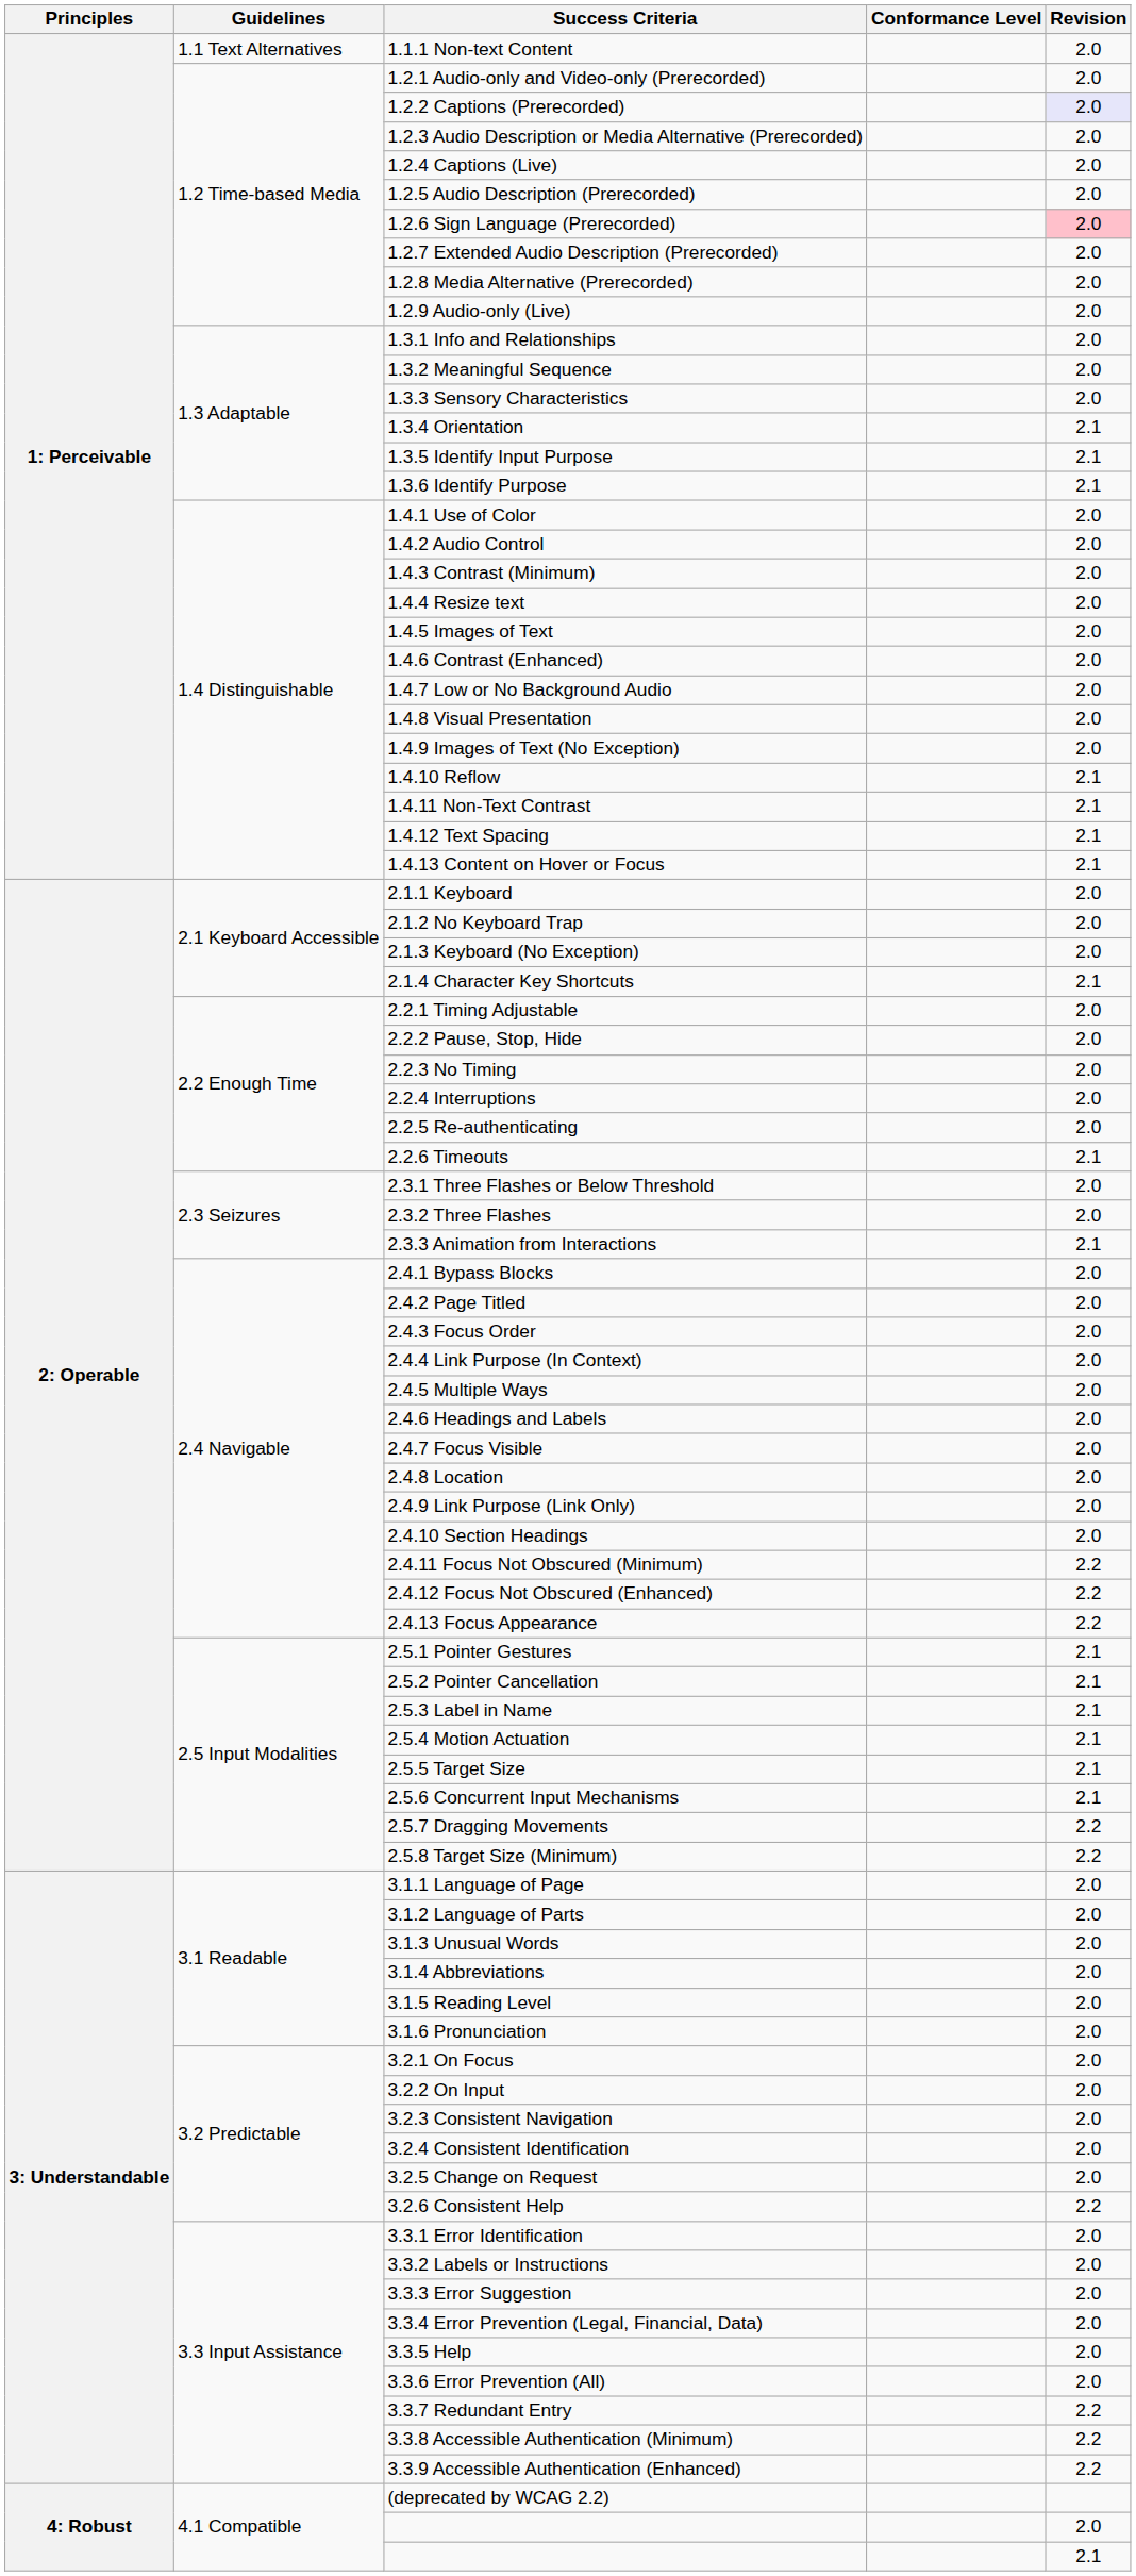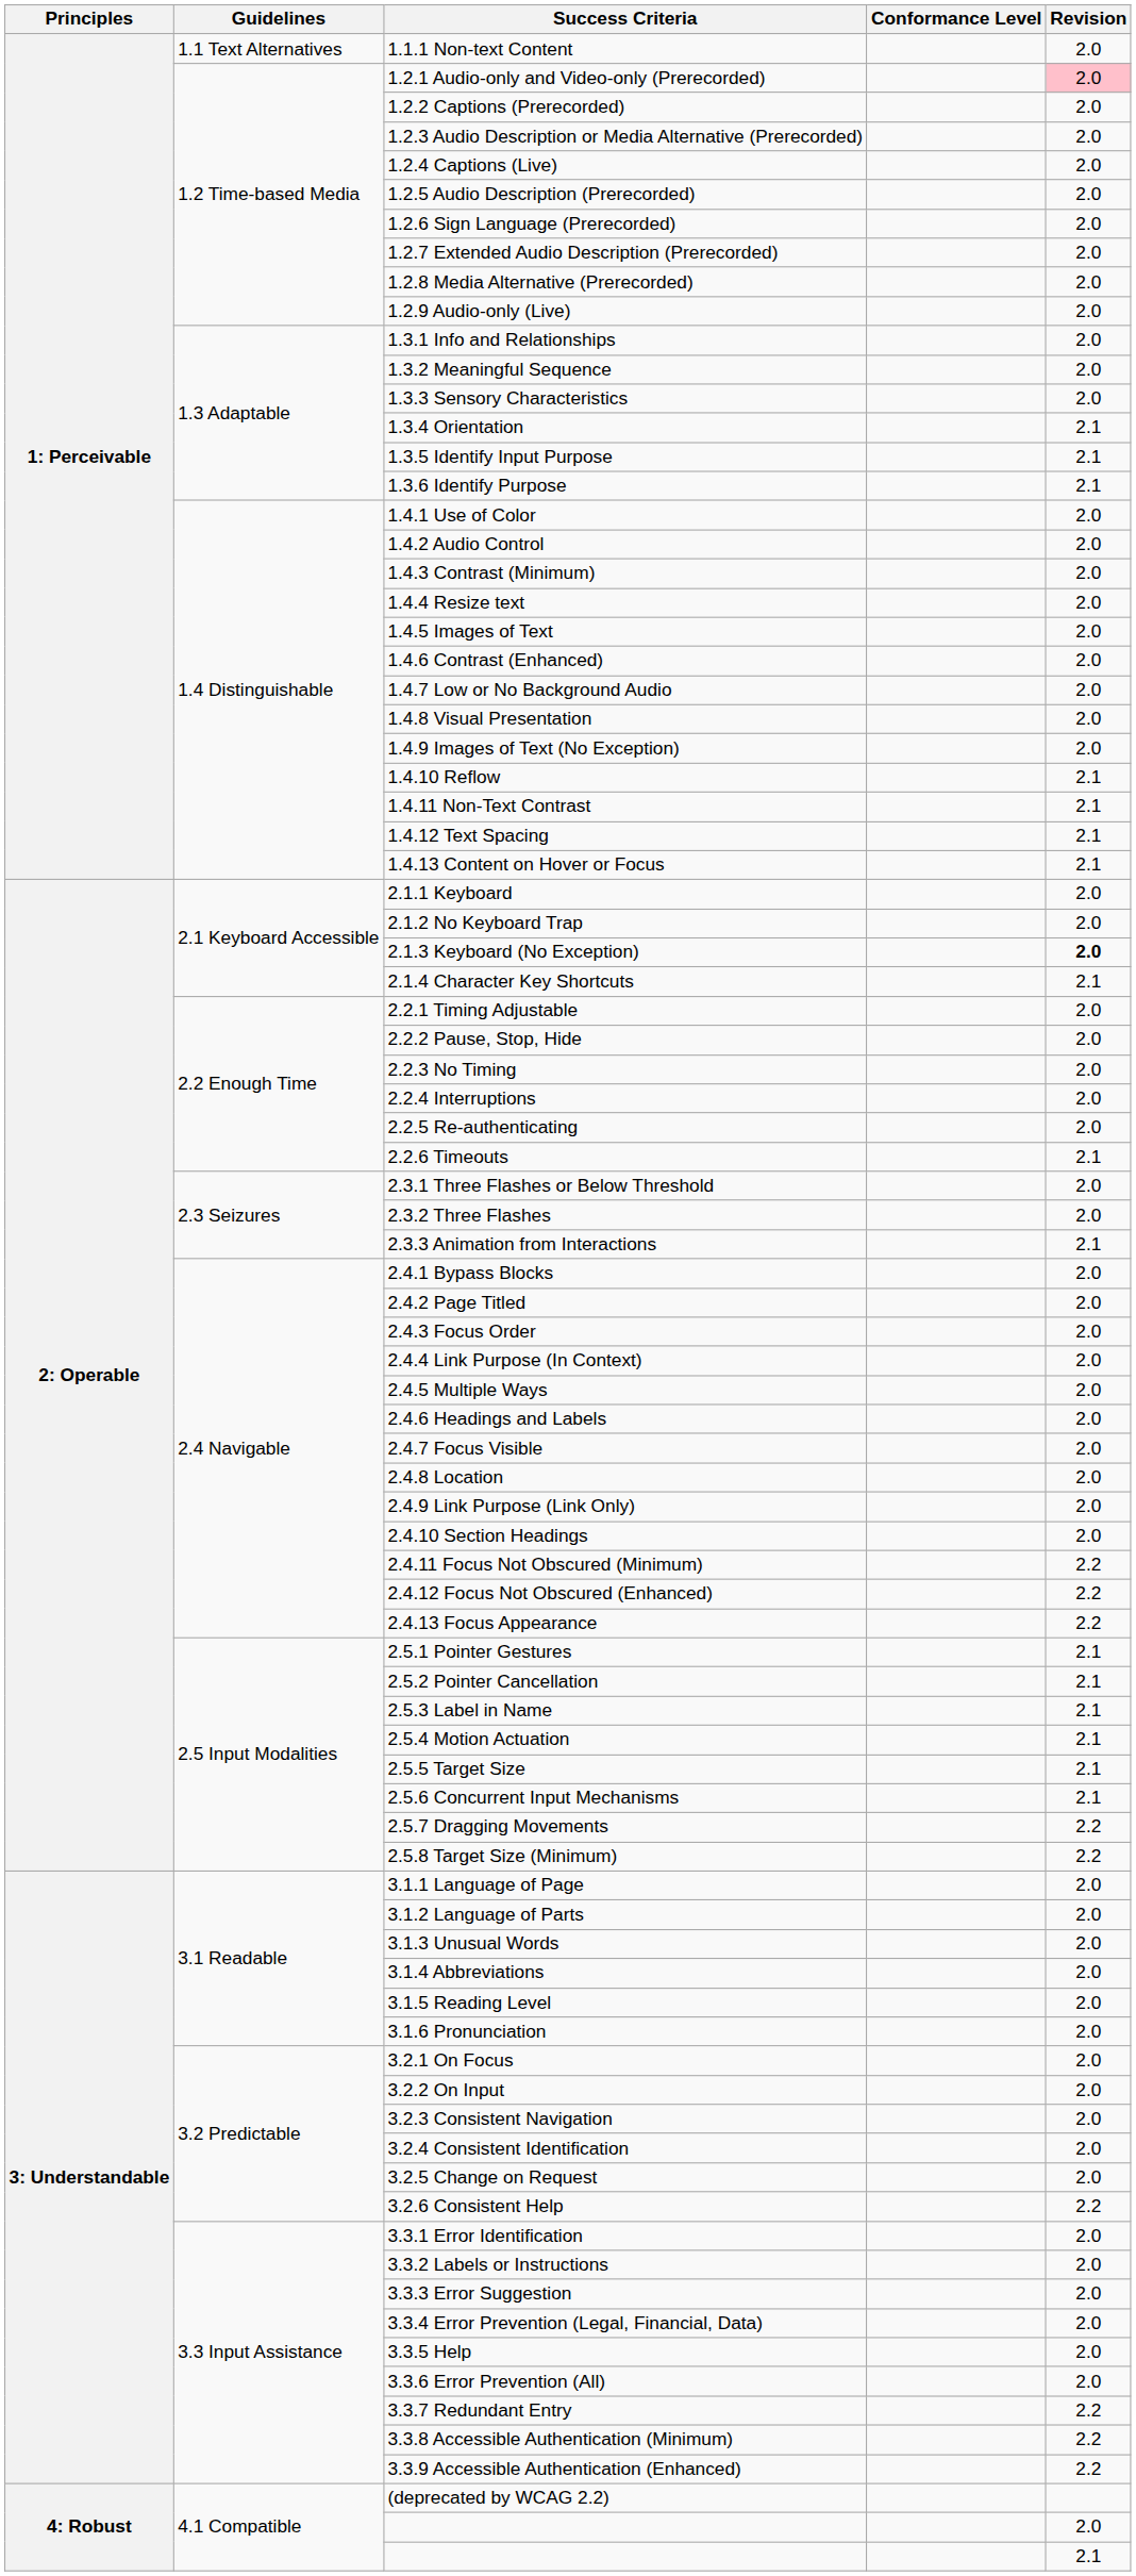 <table class="wikitable sortable mw-collapsible plainlinks">
 <tr>
 <th scope="col">Principles</th>
 <th scope="col">Guidelines</th>
 <th scope="col">Success Criteria</th>
 <th scope="col">Conformance Level</th>
 <th scope="col">Revision</th>
 </tr>
 <tr>
 <th rowspan="29" scope="row">1: Perceivable</th>
 <td>1.1 Text Alternatives</td>
 <td>1.1.1 Non-text Content</td>
 <td></td>
 <td style="text-align: center;">2.0</td>
 </tr>
 <tr>
 <td rowspan="9">1.2 Time-based Media</td>
 <td>1.2.1 Audio-only and Video-only (Prerecorded)</td>
 <td></td>
-<td style="text-align: center;">2.0</td>
+<td style="background: pink; text-align: center;">2.0</td>
 </tr>
 <tr>
 <td>1.2.2 Captions (Prerecorded)</td>
 <td></td>
-<td style="background: lavender; text-align: center;">2.0</td>
+<td style="text-align: center;">2.0</td>
 </tr>
 <tr>
 <td>1.2.3 Audio Description or Media Alternative (Prerecorded)</td>
 <td></td>
 <td style="text-align: center;">2.0</td>
 </tr>
 <tr>
 <td>1.2.4 Captions (Live)</td>
 <td></td>
 <td style="text-align: center;">2.0</td>
 </tr>
 <tr>
 <td>1.2.5 Audio Description (Prerecorded)</td>
 <td></td>
 <td style="text-align: center;">2.0</td>
 </tr>
 <tr>
 <td>1.2.6 Sign Language (Prerecorded)</td>
 <td></td>
-<td style="background: pink; text-align: center;">2.0</td>
+<td style="text-align: center;">2.0</td>
 </tr>
 <tr>
 <td>1.2.7 Extended Audio Description (Prerecorded)</td>
 <td></td>
 <td style="text-align: center;">2.0</td>
 </tr>
 <tr>
 <td>1.2.8 Media Alternative (Prerecorded)</td>
 <td></td>
 <td style="text-align: center;">2.0</td>
 </tr>
 <tr>
 <td>1.2.9 Audio-only (Live)</td>
 <td></td>
 <td style="text-align: center;">2.0</td>
 </tr>
 <tr>
 <td rowspan="6">1.3 Adaptable</td>
 <td>1.3.1 Info and Relationships</td>
 <td></td>
 <td style="text-align: center;">2.0</td>
 </tr>
 <tr>
 <td>1.3.2 Meaningful Sequence</td>
 <td></td>
 <td style="text-align: center;">2.0</td>
 </tr>
 <tr>
 <td>1.3.3 Sensory Characteristics</td>
 <td></td>
 <td style="text-align: center;">2.0</td>
 </tr>
 <tr>
 <td>1.3.4 Orientation</td>
 <td></td>
 <td style="text-align: center;">2.1</td>
 </tr>
 <tr>
 <td>1.3.5 Identify Input Purpose</td>
 <td></td>
 <td style="text-align: center;">2.1</td>
 </tr>
 <tr>
 <td>1.3.6 Identify Purpose</td>
 <td></td>
 <td style="text-align: center;">2.1</td>
 </tr>
 <tr>
 <td rowspan="13">1.4 Distinguishable</td>
 <td>1.4.1 Use of Color</td>
 <td></td>
 <td style="text-align: center;">2.0</td>
 </tr>
 <tr>
 <td>1.4.2 Audio Control</td>
 <td></td>
 <td style="text-align: center;">2.0</td>
 </tr>
 <tr>
 <td>1.4.3 Contrast (Minimum)</td>
 <td></td>
 <td style="text-align: center;">2.0</td>
 </tr>
 <tr>
 <td>1.4.4 Resize text</td>
 <td></td>
 <td style="text-align: center;">2.0</td>
 </tr>
 <tr>
 <td>1.4.5 Images of Text</td>
 <td></td>
 <td style="text-align: center;">2.0</td>
 </tr>
 <tr>
 <td>1.4.6 Contrast (Enhanced)</td>
 <td></td>
 <td style="text-align: center;">2.0</td>
 </tr>
 <tr>
 <td>1.4.7 Low or No Background Audio</td>
 <td></td>
 <td style="text-align: center;">2.0</td>
 </tr>
 <tr>
 <td>1.4.8 Visual Presentation</td>
 <td></td>
 <td style="text-align: center;">2.0</td>
 </tr>
 <tr>
 <td>1.4.9 Images of Text (No Exception)</td>
 <td></td>
 <td style="text-align: center;">2.0</td>
 </tr>
 <tr>
 <td>1.4.10 Reflow</td>
 <td></td>
 <td style="text-align: center;">2.1</td>
 </tr>
 <tr>
 <td>1.4.11 Non-Text Contrast</td>
 <td></td>
 <td style="text-align: center;">2.1</td>
 </tr>
 <tr>
 <td>1.4.12 Text Spacing</td>
 <td></td>
 <td style="text-align: center;">2.1</td>
 </tr>
 <tr>
 <td>1.4.13 Content on Hover or Focus</td>
 <td></td>
 <td style="text-align: center;">2.1</td>
 </tr>
 <tr>
 <th rowspan="34" scope="row">2: Operable</th>
 <td rowspan="4">2.1 Keyboard Accessible</td>
 <td>2.1.1 Keyboard</td>
 <td></td>
 <td style="text-align: center;">2.0</td>
 </tr>
 <tr>
 <td>2.1.2 No Keyboard Trap</td>
 <td></td>
 <td style="text-align: center;">2.0</td>
 </tr>
 <tr>
 <td>2.1.3 Keyboard (No Exception)</td>
 <td></td>
-<td style="text-align: center;">2.0</td>
+<td style="text-align: center;"><strong>2.0</strong></td>
 </tr>
 <tr>
 <td>2.1.4 Character Key Shortcuts</td>
 <td></td>
 <td style="text-align: center;">2.1</td>
 </tr>
 <tr>
 <td rowspan="6">2.2 Enough Time</td>
 <td>2.2.1 Timing Adjustable</td>
 <td></td>
 <td style="text-align: center;">2.0</td>
 </tr>
 <tr>
 <td>2.2.2 Pause, Stop, Hide</td>
 <td></td>
 <td style="text-align: center;">2.0</td>
 </tr>
 <tr>
 <td>2.2.3 No Timing</td>
 <td></td>
 <td style="text-align: center;">2.0</td>
 </tr>
 <tr>
 <td>2.2.4 Interruptions</td>
 <td></td>
 <td style="text-align: center;">2.0</td>
 </tr>
 <tr>
 <td>2.2.5 Re-authenticating</td>
 <td></td>
 <td style="text-align: center;">2.0</td>
 </tr>
 <tr>
 <td>2.2.6 Timeouts</td>
 <td></td>
 <td style="text-align: center;">2.1</td>
 </tr>
 <tr>
 <td rowspan="3">2.3 Seizures</td>
 <td>2.3.1 Three Flashes or Below Threshold</td>
 <td></td>
 <td style="text-align: center;">2.0</td>
 </tr>
 <tr>
 <td>2.3.2 Three Flashes</td>
 <td></td>
 <td style="text-align: center;">2.0</td>
 </tr>
 <tr>
 <td>2.3.3 Animation from Interactions</td>
 <td></td>
 <td style="text-align: center;">2.1</td>
 </tr>
 <tr>
 <td rowspan="13">2.4 Navigable</td>
 <td>2.4.1 Bypass Blocks</td>
 <td></td>
 <td style="text-align: center;">2.0</td>
 </tr>
 <tr>
 <td>2.4.2 Page Titled</td>
 <td></td>
 <td style="text-align: center;">2.0</td>
 </tr>
 <tr>
 <td>2.4.3 Focus Order</td>
 <td></td>
 <td style="text-align: center;">2.0</td>
 </tr>
 <tr>
 <td>2.4.4 Link Purpose (In Context)</td>
 <td></td>
 <td style="text-align: center;">2.0</td>
 </tr>
 <tr>
 <td>2.4.5 Multiple Ways</td>
 <td></td>
 <td style="text-align: center;">2.0</td>
 </tr>
 <tr>
 <td>2.4.6 Headings and Labels</td>
 <td></td>
 <td style="text-align: center;">2.0</td>
 </tr>
 <tr>
 <td>2.4.7 Focus Visible</td>
 <td></td>
 <td style="text-align: center;">2.0</td>
 </tr>
 <tr>
 <td>2.4.8 Location</td>
 <td></td>
 <td style="text-align: center;">2.0</td>
 </tr>
 <tr>
 <td>2.4.9 Link Purpose (Link Only)</td>
 <td></td>
 <td style="text-align: center;">2.0</td>
 </tr>
 <tr>
 <td>2.4.10 Section Headings</td>
 <td></td>
 <td style="text-align: center;">2.0</td>
 </tr>
 <tr>
 <td>2.4.11 Focus Not Obscured (Minimum)</td>
 <td></td>
 <td style="text-align: center;">2.2</td>
 </tr>
 <tr>
 <td>2.4.12 Focus Not Obscured (Enhanced)</td>
 <td></td>
 <td style="text-align: center;">2.2</td>
 </tr>
 <tr>
 <td>2.4.13 Focus Appearance</td>
 <td></td>
 <td style="text-align: center;">2.2</td>
 </tr>
 <tr>
 <td rowspan="8">2.5 Input Modalities</td>
 <td>2.5.1 Pointer Gestures</td>
 <td></td>
 <td style="text-align: center;">2.1</td>
 </tr>
 <tr>
 <td>2.5.2 Pointer Cancellation</td>
 <td></td>
 <td style="text-align: center;">2.1</td>
 </tr>
 <tr>
 <td>2.5.3 Label in Name</td>
 <td></td>
 <td style="text-align: center;">2.1</td>
 </tr>
 <tr>
 <td>2.5.4 Motion Actuation</td>
 <td></td>
 <td style="text-align: center;">2.1</td>
 </tr>
 <tr>
 <td>2.5.5 Target Size</td>
 <td></td>
 <td style="text-align: center;">2.1</td>
 </tr>
 <tr>
 <td>2.5.6 Concurrent Input Mechanisms</td>
 <td></td>
 <td style="text-align: center;">2.1</td>
 </tr>
 <tr>
 <td>2.5.7 Dragging Movements</td>
 <td></td>
 <td style="text-align: center;">2.2</td>
 </tr>
 <tr>
 <td>2.5.8 Target Size (Minimum)</td>
 <td></td>
 <td style="text-align: center;">2.2</td>
 </tr>
 <tr>
 <th rowspan="21" scope="row">3: Understandable</th>
 <td rowspan="6">3.1 Readable</td>
 <td>3.1.1 Language of Page</td>
 <td></td>
 <td style="text-align: center;">2.0</td>
 </tr>
 <tr>
 <td>3.1.2 Language of Parts</td>
 <td></td>
 <td style="text-align: center;">2.0</td>
 </tr>
 <tr>
 <td>3.1.3 Unusual Words</td>
 <td></td>
 <td style="text-align: center;">2.0</td>
 </tr>
 <tr>
 <td>3.1.4 Abbreviations</td>
 <td></td>
 <td style="text-align: center;">2.0</td>
 </tr>
 <tr>
 <td>3.1.5 Reading Level</td>
 <td></td>
 <td style="text-align: center;">2.0</td>
 </tr>
 <tr>
 <td>3.1.6 Pronunciation</td>
 <td></td>
 <td style="text-align: center;">2.0</td>
 </tr>
 <tr>
 <td rowspan="6">3.2 Predictable</td>
 <td>3.2.1 On Focus</td>
 <td></td>
 <td style="text-align: center;">2.0</td>
 </tr>
 <tr>
 <td>3.2.2 On Input</td>
 <td></td>
 <td style="text-align: center;">2.0</td>
 </tr>
 <tr>
 <td>3.2.3 Consistent Navigation</td>
 <td></td>
 <td style="text-align: center;">2.0</td>
 </tr>
 <tr>
 <td>3.2.4 Consistent Identification</td>
 <td></td>
 <td style="text-align: center;">2.0</td>
 </tr>
 <tr>
 <td>3.2.5 Change on Request</td>
 <td></td>
 <td style="text-align: center;">2.0</td>
 </tr>
 <tr>
 <td>3.2.6 Consistent Help</td>
 <td></td>
 <td style="text-align: center;">2.2</td>
 </tr>
 <tr>
 <td rowspan="9">3.3 Input Assistance</td>
 <td>3.3.1 Error Identification</td>
 <td></td>
 <td style="text-align: center;">2.0</td>
 </tr>
 <tr>
 <td>3.3.2 Labels or Instructions</td>
 <td></td>
 <td style="text-align: center;">2.0</td>
 </tr>
 <tr>
 <td>3.3.3 Error Suggestion</td>
 <td></td>
 <td style="text-align: center;">2.0</td>
 </tr>
 <tr>
 <td>3.3.4 Error Prevention (Legal, Financial, Data)</td>
 <td></td>
 <td style="text-align: center;">2.0</td>
 </tr>
 <tr>
 <td>3.3.5 Help</td>
 <td></td>
 <td style="text-align: center;">2.0</td>
 </tr>
 <tr>
 <td>3.3.6 Error Prevention (All)</td>
 <td></td>
 <td style="text-align: center;">2.0</td>
 </tr>
 <tr>
 <td>3.3.7 Redundant Entry</td>
 <td></td>
 <td style="text-align: center;">2.2</td>
 </tr>
 <tr>
 <td>3.3.8 Accessible Authentication (Minimum)</td>
 <td></td>
 <td style="text-align: center;">2.2</td>
 </tr>
 <tr>
 <td>3.3.9 Accessible Authentication (Enhanced)</td>
 <td></td>
 <td style="text-align: center;">2.2</td>
 </tr>
 <tr>
 <th rowspan="3" scope="row">4: Robust</th>
 <td rowspan="3">4.1 Compatible</td>
 <td> (deprecated by WCAG 2.2)</td>
 <td></td>
 <td style="text-align: center;"></td>
 </tr>
 <tr>
 <td></td>
 <td></td>
 <td style="text-align: center;">2.0</td>
 </tr>
 <tr>
 <td></td>
 <td></td>
 <td style="text-align: center;">2.1</td>
 </tr>
 </table>
